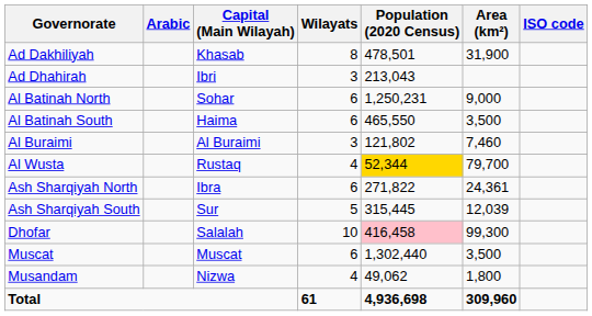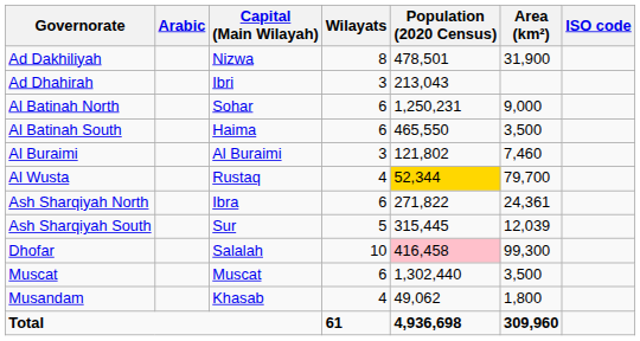 <table class="wikitable sortable">
 <tr>
 <th>Governorate</th>
 <th><a href='#'>Arabic</a></th>
 <th><a href='#'>Capital</a><br>(Main Wilayah)</th>
 <th>Wilayats</th>
 <th>Population<br>(2020 Census)</th>
 <th>Area<br>(km²)</th>
 <th><a href='#'>ISO code</a></th>
 </tr>
 <tr>
 <td><a href='#'>Ad Dakhiliyah</a></td>
 <td></td>
-<td><a href='#'>Khasab</a></td>
+<td><a href='#'>Nizwa</a></td>
 <td align="right">8</td>
 <td>478,501</td>
 <td>31,900</td>
 <td></td>
 </tr>
 <tr>
 <td><a href='#'>Ad Dhahirah</a></td>
 <td></td>
 <td><a href='#'>Ibri</a></td>
 <td align="right">3</td>
 <td>213,043</td>
 <td></td>
 <td></td>
 </tr>
 <tr>
 <td><a href='#'>Al Batinah North</a></td>
 <td></td>
 <td><a href='#'>Sohar</a></td>
 <td align="right">6</td>
 <td>1,250,231</td>
 <td>9,000</td>
 <td></td>
 </tr>
 <tr>
 <td><a href='#'>Al Batinah South</a></td>
 <td></td>
 <td><a href='#'>Haima</a></td>
 <td align="right">6</td>
 <td>465,550</td>
 <td>3,500</td>
 <td></td>
 </tr>
 <tr>
 <td><a href='#'>Al Buraimi</a></td>
 <td></td>
 <td><a href='#'>Al Buraimi</a></td>
 <td align="right">3</td>
 <td>121,802</td>
 <td>7,460</td>
 <td></td>
 </tr>
 <tr>
 <td><a href='#'>Al Wusta</a></td>
 <td></td>
 <td><a href='#'>Rustaq</a></td>
 <td align="right">4</td>
 <td style="background: gold;">52,344</td>
 <td>79,700</td>
 <td></td>
 </tr>
 <tr>
 <td><a href='#'>Ash Sharqiyah North</a></td>
 <td></td>
 <td><a href='#'>Ibra</a></td>
 <td align="right">6</td>
 <td>271,822</td>
 <td>24,361</td>
 <td></td>
 </tr>
 <tr>
 <td><a href='#'>Ash Sharqiyah South</a></td>
 <td></td>
 <td><a href='#'>Sur</a></td>
 <td align="right">5</td>
 <td>315,445</td>
 <td>12,039</td>
 <td></td>
 </tr>
 <tr>
 <td><a href='#'>Dhofar</a></td>
 <td></td>
 <td><a href='#'>Salalah</a></td>
 <td align="right">10</td>
 <td style="background: pink;">416,458</td>
 <td>99,300</td>
 <td></td>
 </tr>
 <tr>
 <td><a href='#'>Muscat</a></td>
 <td></td>
 <td><a href='#'>Muscat</a></td>
 <td align="right">6</td>
 <td>1,302,440</td>
 <td>3,500</td>
 <td></td>
 </tr>
 <tr>
 <td><a href='#'>Musandam</a></td>
 <td></td>
-<td><a href='#'>Nizwa</a></td>
+<td><a href='#'>Khasab</a></td>
 <td align="right">4</td>
 <td>49,062</td>
 <td>1,800</td>
 <td></td>
 </tr>
 <tr>
 <td colspan="3"><strong>Total</strong></td>
 <td><strong>61</strong></td>
 <td><strong>4,936,698</strong></td>
 <td><strong>309,960</strong></td>
 <td></td>
 </tr>
 </table>
